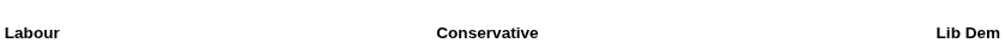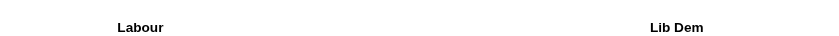 <table style="width:100%; text-align:center;">
 <tr style="color:white;">
 <td style="background-color:"><strong>17</strong></td>
-<td style="background-color:"><strong>13</strong></td>
 <td style="background-color:"><strong>11</strong></td>
 </tr>
 <tr>
 <td><span><strong>Labour</strong></span></td>
-<td><span><strong>Conservative</strong></span></td>
 <td><span><strong>Lib Dem</strong></span></td>
 </tr>
 </table>
